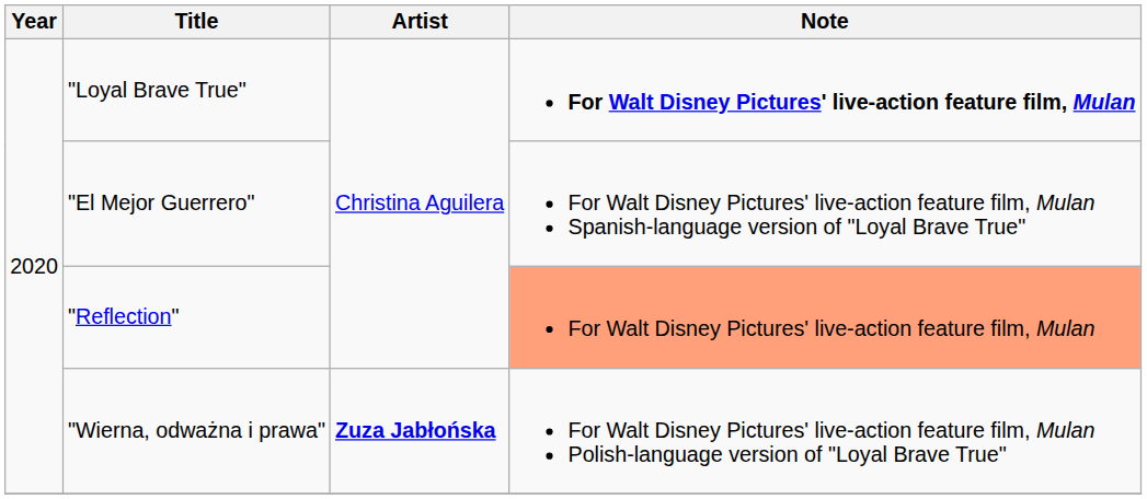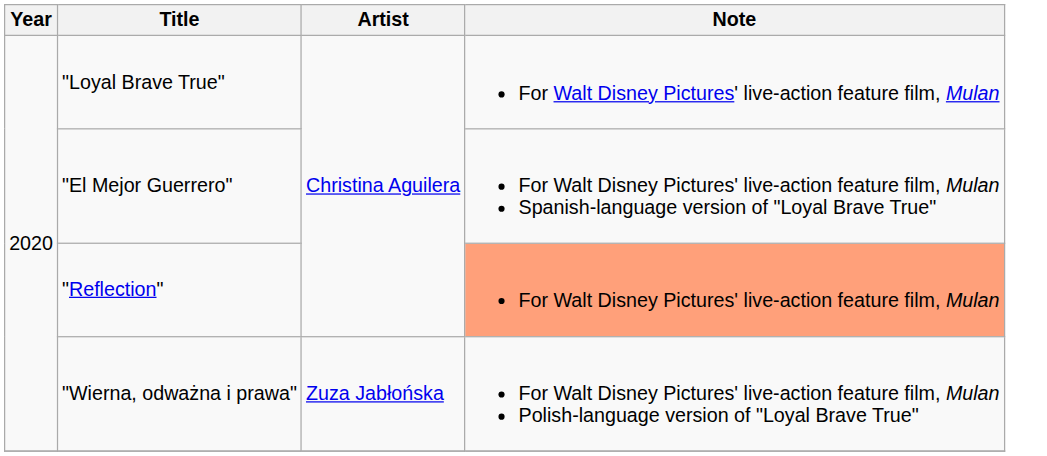 <table class="wikitable">
 <tr>
 <th>Year</th>
 <th>Title</th>
 <th>Artist</th>
 <th>Note</th>
 </tr>
 <tr>
 <td rowspan="4">2020</td>
 <td>"Loyal Brave True"</td>
 <td rowspan="3"><a href='#'>Christina Aguilera</a></td>
-<td><strong><br><ul><li>For <a href='#'>Walt Disney Pictures</a>' live-action feature film, <em><a href='#'>Mulan</a></em></li></ul></strong></td>
+<td><br><ul><li>For <a href='#'>Walt Disney Pictures</a>' live-action feature film, <em><a href='#'>Mulan</a></em></li></ul></td>
 </tr>
 <tr>
 <td>"El Mejor Guerrero"</td>
 <td><br><ul><li>For Walt Disney Pictures' live-action feature film, <em>Mulan</em></li><li>Spanish-language version of "Loyal Brave True"</li></ul></td>
 </tr>
 <tr>
 <td>"<a href='#'>Reflection</a>"</td>
 <td style="background: lightsalmon;"><br><ul><li>For Walt Disney Pictures' live-action feature film, <em>Mulan</em></li></ul></td>
 </tr>
 <tr>
 <td>"Wierna, odważna i prawa"</td>
-<td><strong><a href='#'>Zuza Jabłońska</a></strong></td>
+<td><a href='#'>Zuza Jabłońska</a></td>
 <td><br><ul><li>For Walt Disney Pictures' live-action feature film, <em>Mulan</em></li><li>Polish-language version of "Loyal Brave True"</li></ul></td>
 </tr>
 <tr>
 </tr>
 </table>
